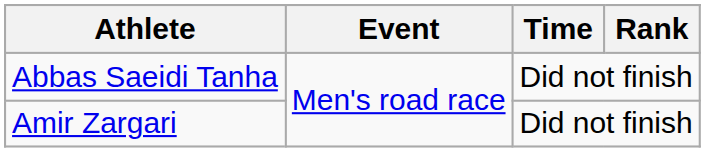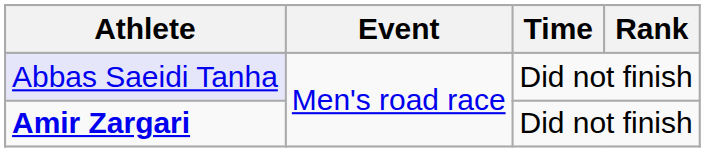 <table class=wikitable style="font-size:90%">
 <tr>
 <th>Athlete</th>
 <th>Event</th>
 <th>Time</th>
 <th>Rank</th>
 </tr>
 <tr align=center>
-<td align=left><a href='#'>Abbas Saeidi Tanha</a></td>
+<td align=left style="background: lavender;"><a href='#'>Abbas Saeidi Tanha</a></td>
 <td align=left rowspan=2><a href='#'>Men's road race</a></td>
 <td colspan=2>Did not finish</td>
 </tr>
 <tr align=center>
-<td align=left><a href='#'>Amir Zargari</a></td>
+<td align=left><strong><a href='#'>Amir Zargari</a></strong></td>
 <td colspan=2>Did not finish</td>
 </tr>
 </table>
